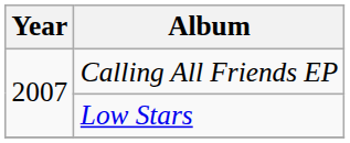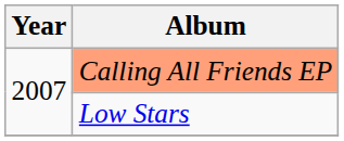 <table class="wikitable">
 <tr>
 <th align'"center">Year</th>
 <th align="center">Album</th>
 </tr>
 <tr>
 <td align="center" rowspan=2>2007</td>
-<td align="left"><em>Calling All Friends EP</em></td>
+<td align="left" style="background: lightsalmon;"><em>Calling All Friends EP</em></td>
 </tr>
 <tr>
 <td align="left"><em><a href='#'>Low Stars</a></em></td>
 </tr>
 <tr>
 </tr>
 </table>
